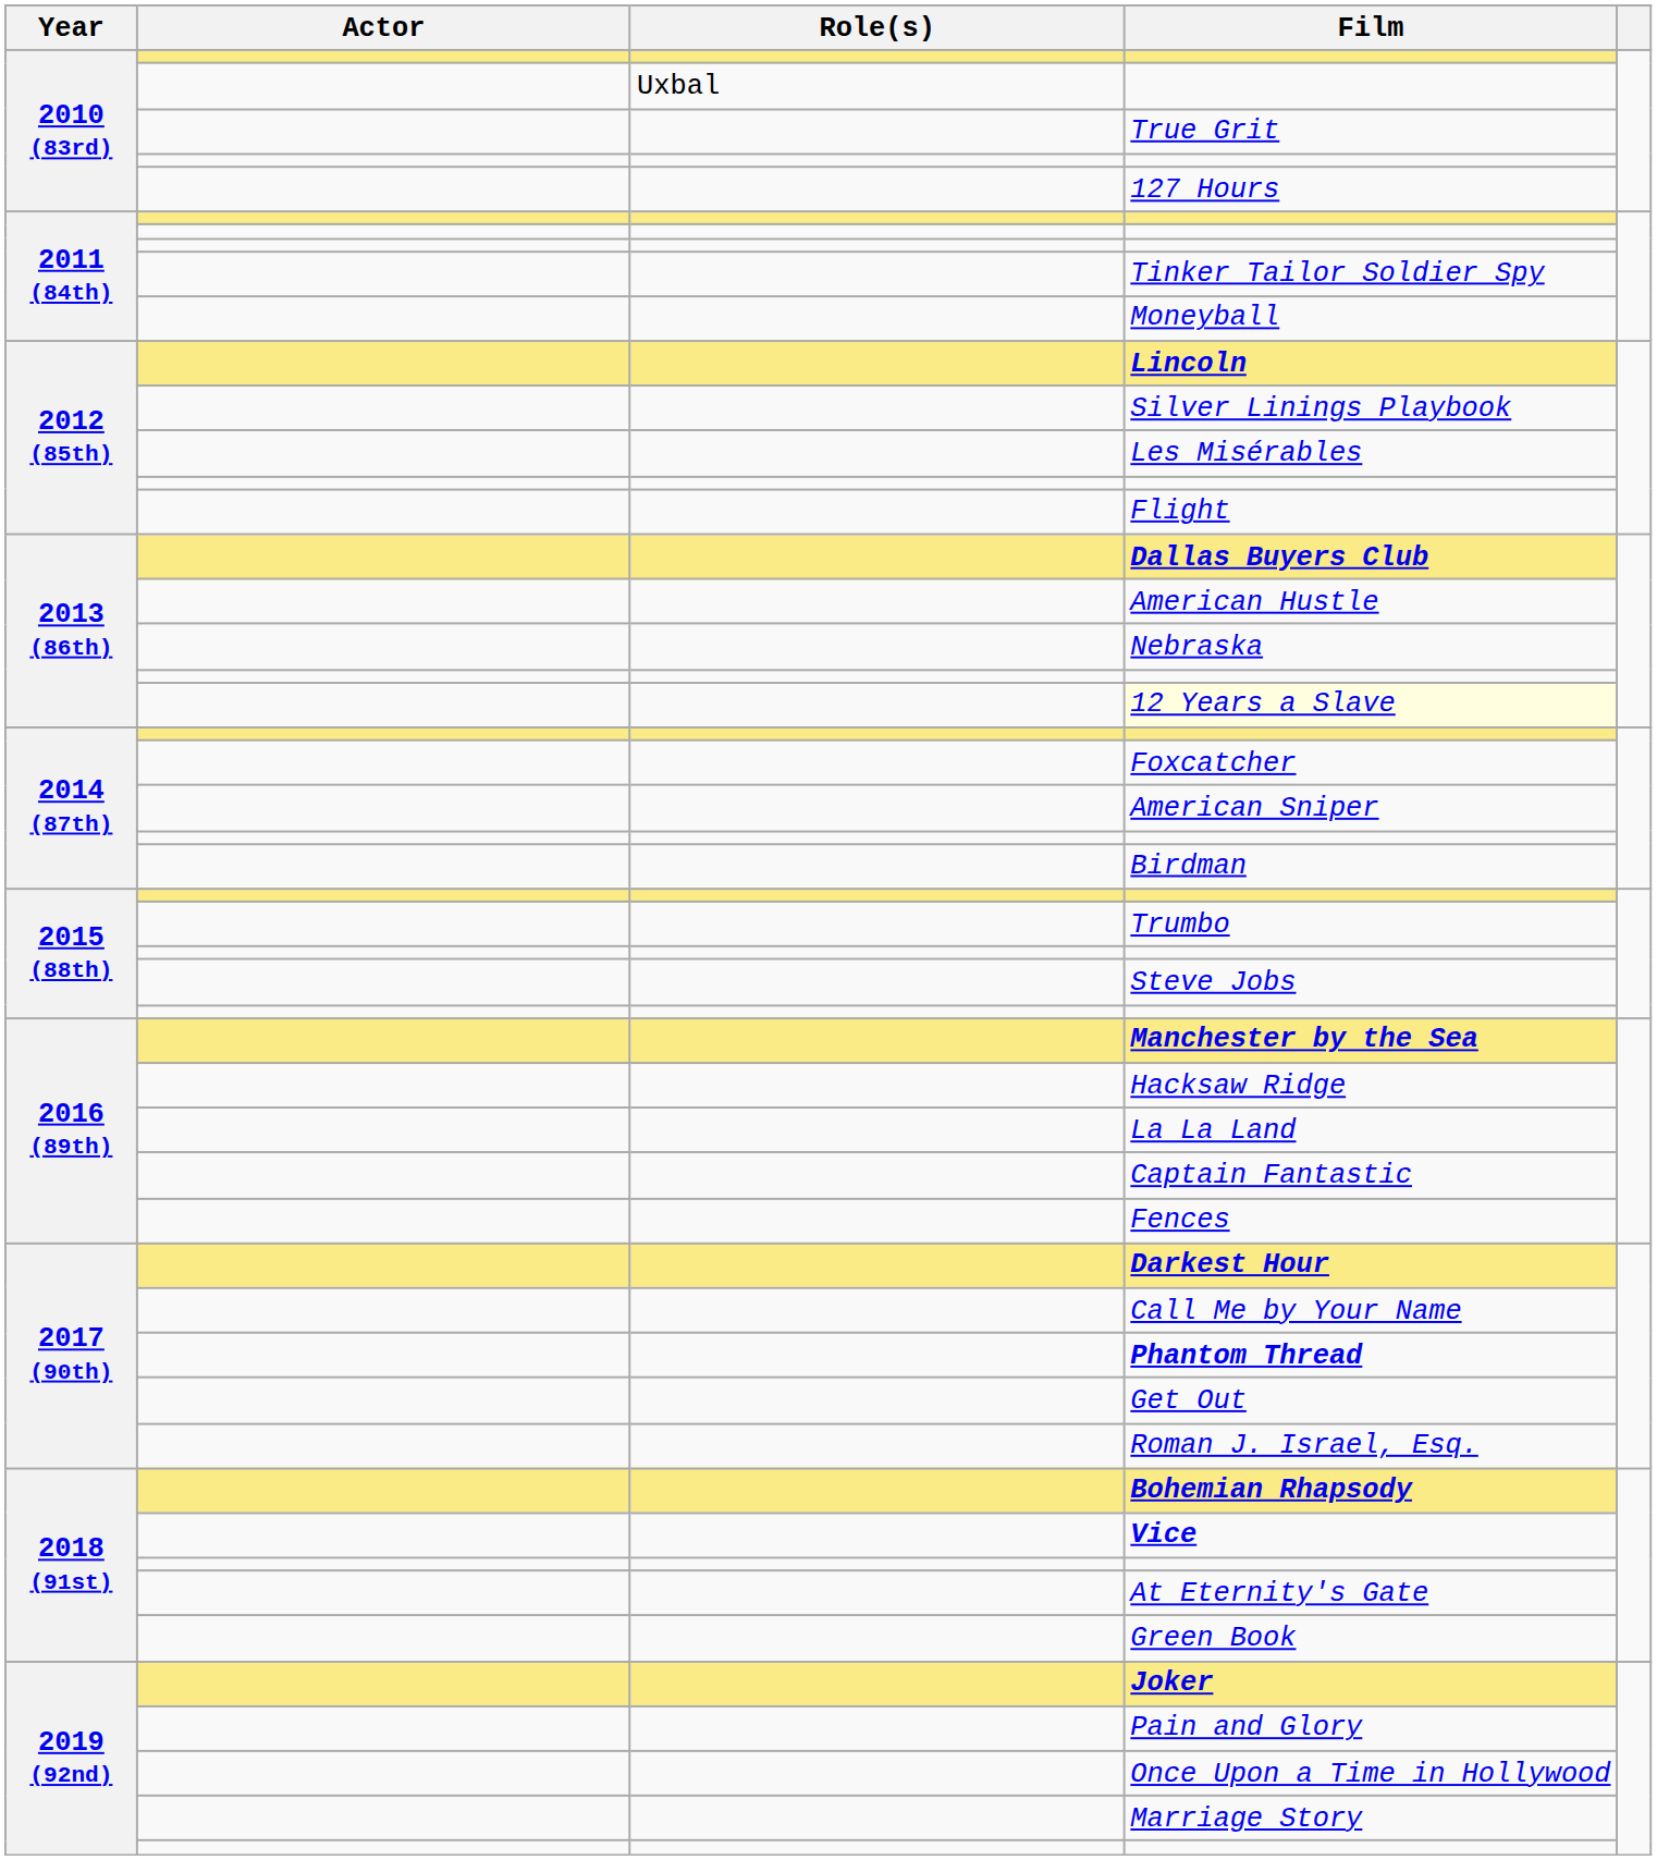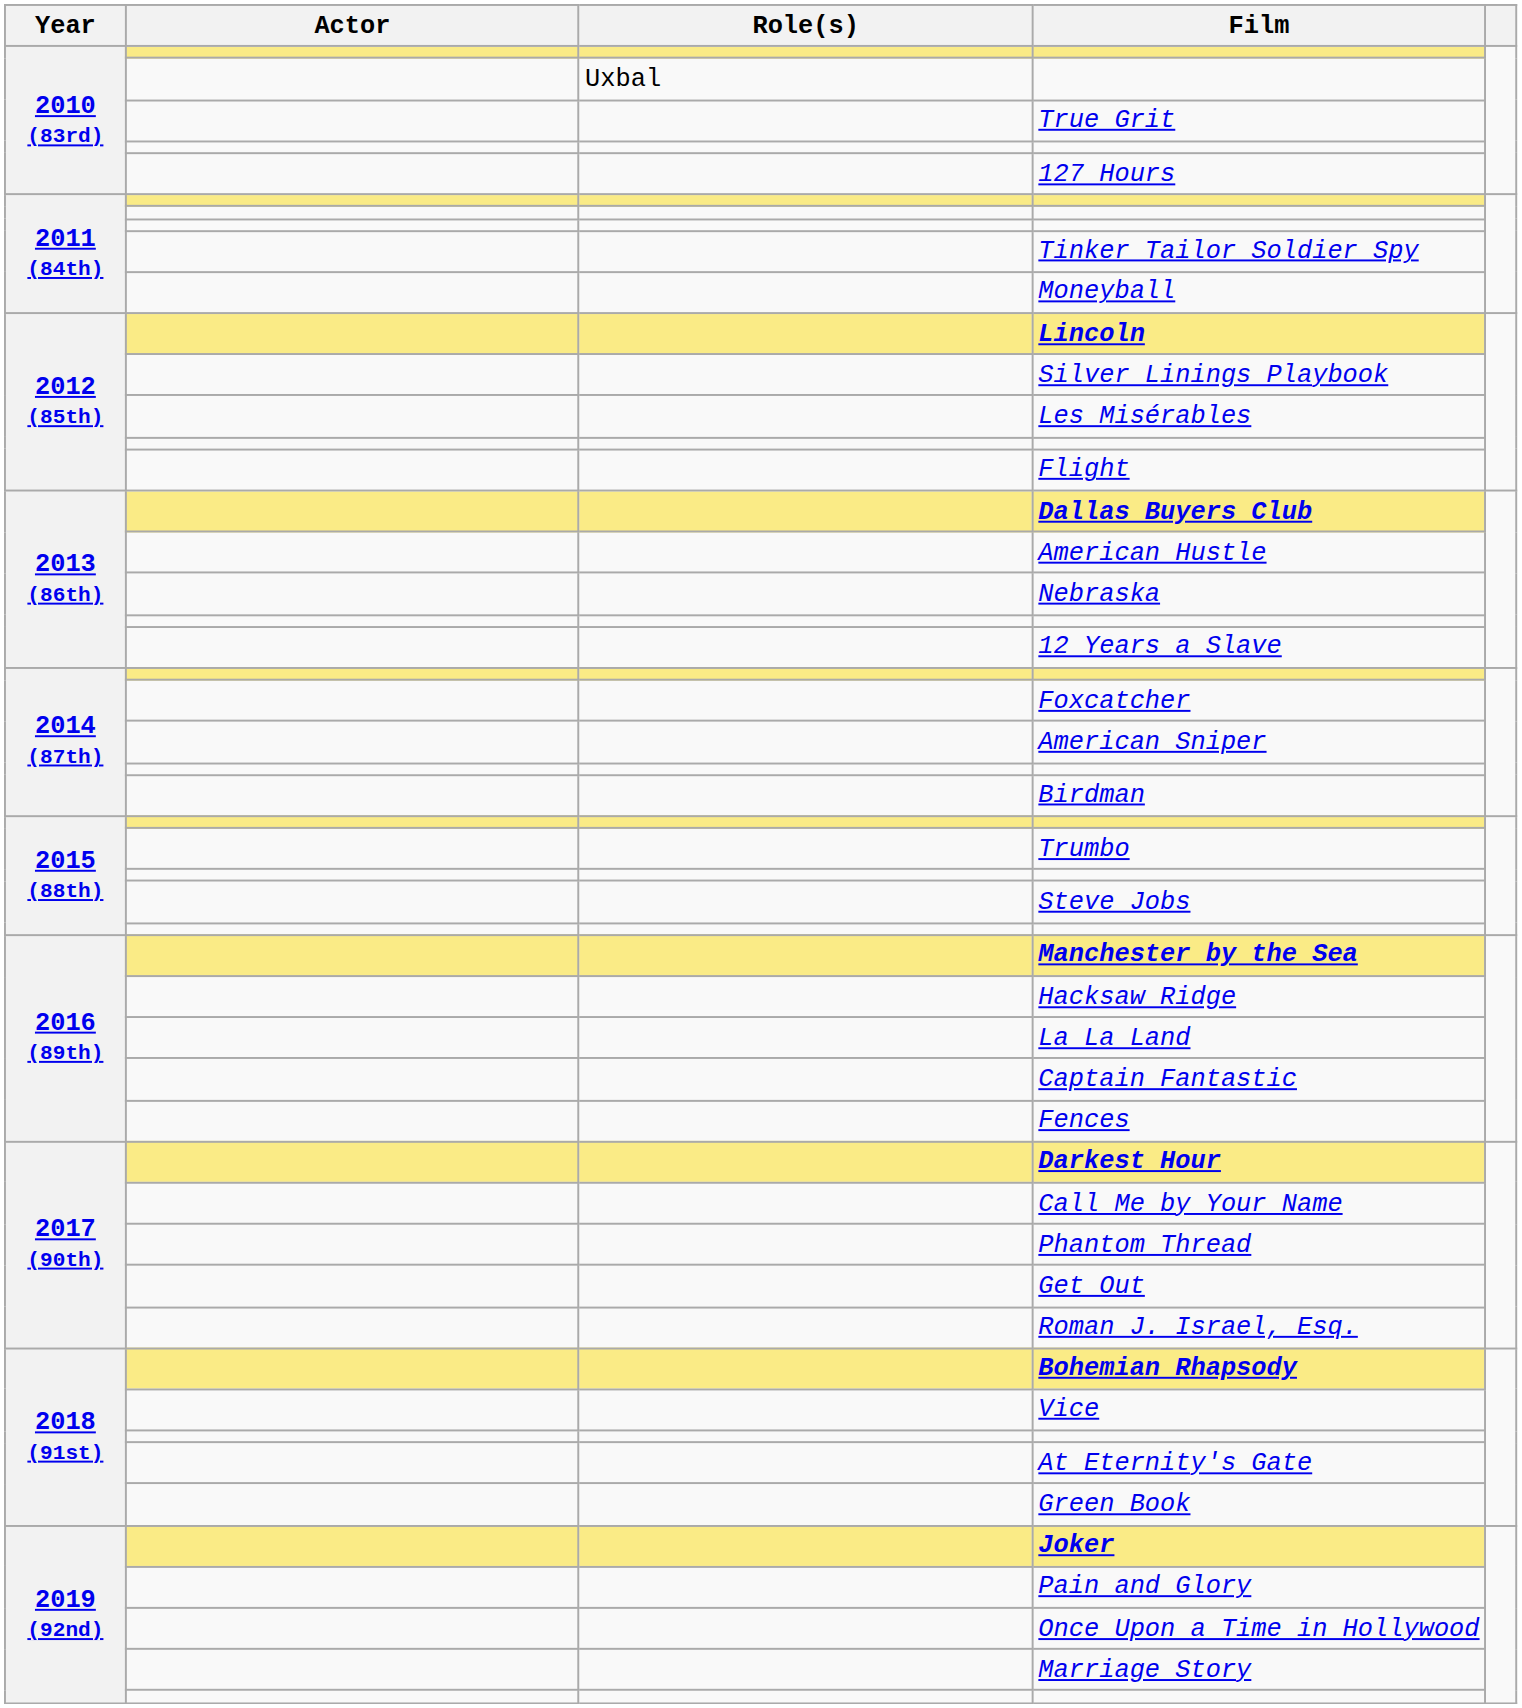 <table class="wikitable sortable">
 <tr>
 <th scope="col" style="width:8%;">Year</th>
 <th scope="col" style="width:30%;">Actor</th>
 <th scope="col" style="width:30%;">Role(s)</th>
 <th scope="col" style="width:30%;">Film</th>
 <th scope="col" style="width:2%;" class="unsortable"></th>
 </tr>
 <tr>
 <th scope="row" rowspan=5 style="text-align:center"><a href='#'>2010</a> <br><small><a href='#'>(83rd)</a> </small></th>
 <td style="background:#FAEB86;"><strong> </strong></td>
 <td style="background:#FAEB86;"><strong></strong></td>
 <td style="background:#FAEB86;"><strong></strong></td>
 <td rowspan=5></td>
 </tr>
 <tr>
 <td></td>
 <td>Uxbal</td>
 <td></td>
 </tr>
 <tr>
 <td></td>
 <td></td>
 <td><em><a href='#'>True Grit</a></em></td>
 </tr>
 <tr>
 <td></td>
 <td></td>
 <td></td>
 </tr>
 <tr>
 <td></td>
 <td></td>
 <td><em><a href='#'>127 Hours</a></em></td>
 </tr>
 <tr>
 <th scope="row" rowspan=5 style="text-align:center"><a href='#'>2011</a> <br><small><a href='#'>(84th)</a> </small></th>
 <td style="background:#FAEB86;"><strong> </strong></td>
 <td style="background:#FAEB86;"><strong></strong></td>
 <td style="background:#FAEB86;"><strong></strong></td>
 <td rowspan=5></td>
 </tr>
 <tr>
 <td></td>
 <td></td>
 <td></td>
 </tr>
 <tr>
 <td></td>
 <td></td>
 <td></td>
 </tr>
 <tr>
 <td></td>
 <td></td>
 <td><em><a href='#'>Tinker Tailor Soldier Spy</a></em></td>
 </tr>
 <tr>
 <td></td>
 <td></td>
 <td><em><a href='#'>Moneyball</a></em></td>
 </tr>
 <tr>
 <th scope="row" rowspan=5 style="text-align:center"><a href='#'>2012</a> <br><small><a href='#'>(85th)</a> </small></th>
 <td style="background:#FAEB86;"><strong> </strong></td>
 <td style="background:#FAEB86;"><strong></strong></td>
 <td style="background:#FAEB86;"><strong><em><a href='#'>Lincoln</a></em></strong></td>
 <td rowspan=5></td>
 </tr>
 <tr>
 <td></td>
 <td></td>
 <td><em><a href='#'>Silver Linings Playbook</a></em></td>
 </tr>
 <tr>
 <td></td>
 <td></td>
 <td><em><a href='#'>Les Misérables</a></em></td>
 </tr>
 <tr>
 <td></td>
 <td></td>
 <td></td>
 </tr>
 <tr>
 <td></td>
 <td></td>
 <td><em><a href='#'>Flight</a></em></td>
 </tr>
 <tr>
 <th scope="row" rowspan=5 style="text-align:center"><a href='#'>2013</a> <br><small><a href='#'>(86th)</a> </small></th>
 <td style="background:#FAEB86;"><strong> </strong></td>
 <td style="background:#FAEB86;"><strong></strong></td>
 <td style="background:#FAEB86;"><strong><em><a href='#'>Dallas Buyers Club</a></em></strong></td>
 <td rowspan=5></td>
 </tr>
 <tr>
 <td></td>
 <td></td>
 <td><em><a href='#'>American Hustle</a></em></td>
 </tr>
 <tr>
 <td></td>
 <td></td>
 <td><em><a href='#'>Nebraska</a></em></td>
 </tr>
 <tr>
 <td></td>
 <td></td>
 <td></td>
 </tr>
 <tr>
 <td></td>
 <td></td>
-<td style="background: lightyellow;"><em><a href='#'>12 Years a Slave</a></em></td>
+<td><em><a href='#'>12 Years a Slave</a></em></td>
 </tr>
 <tr>
 <th scope="row" rowspan=5 style="text-align:center"><a href='#'>2014</a> <br><small><a href='#'>(87th)</a> </small></th>
 <td style="background:#FAEB86;"><strong> </strong></td>
 <td style="background:#FAEB86;"><strong></strong></td>
 <td style="background:#FAEB86;"><strong></strong></td>
 <td rowspan=5></td>
 </tr>
 <tr>
 <td></td>
 <td></td>
 <td><em><a href='#'>Foxcatcher</a></em></td>
 </tr>
 <tr>
 <td></td>
 <td></td>
 <td><em><a href='#'>American Sniper</a></em></td>
 </tr>
 <tr>
 <td></td>
 <td></td>
 <td></td>
 </tr>
 <tr>
 <td></td>
 <td></td>
 <td><em><a href='#'>Birdman</a></em></td>
 </tr>
 <tr>
 <th scope="row" rowspan=5 style="text-align:center"><a href='#'>2015</a> <br><small><a href='#'>(88th)</a> </small></th>
 <td style="background:#FAEB86;"><strong> </strong></td>
 <td style="background:#FAEB86;"><strong></strong></td>
 <td style="background:#FAEB86;"></td>
 <td rowspan=5></td>
 </tr>
 <tr>
 <td></td>
 <td></td>
 <td><em><a href='#'>Trumbo</a></em></td>
 </tr>
 <tr>
 <td></td>
 <td></td>
 <td></td>
 </tr>
 <tr>
 <td></td>
 <td></td>
 <td><em><a href='#'>Steve Jobs</a></em></td>
 </tr>
 <tr>
 <td></td>
 <td></td>
 <td></td>
 </tr>
 <tr>
 <th scope="row" rowspan=5 style="text-align:center"><a href='#'>2016</a> <br><small><a href='#'>(89th)</a> </small></th>
 <td style="background:#FAEB86;"><strong> </strong></td>
 <td style="background:#FAEB86;"><strong></strong></td>
 <td style="background:#FAEB86;"><strong><em><a href='#'>Manchester by the Sea</a></em></strong></td>
 <td rowspan=5></td>
 </tr>
 <tr>
 <td></td>
 <td></td>
 <td><em><a href='#'>Hacksaw Ridge</a></em></td>
 </tr>
 <tr>
 <td></td>
 <td></td>
 <td><em><a href='#'>La La Land</a></em></td>
 </tr>
 <tr>
 <td></td>
 <td></td>
 <td><em><a href='#'>Captain Fantastic</a></em></td>
 </tr>
 <tr>
 <td></td>
 <td></td>
 <td><em><a href='#'>Fences</a></em></td>
 </tr>
 <tr>
 <th scope="row" rowspan=5 style="text-align:center"><a href='#'>2017</a> <br><small><a href='#'>(90th)</a> </small></th>
 <td style="background:#FAEB86;"><strong> </strong></td>
 <td style="background:#FAEB86;"><strong></strong></td>
 <td style="background:#FAEB86;"><strong><em><a href='#'>Darkest Hour</a></em></strong></td>
 <td rowspan=5></td>
 </tr>
 <tr>
 <td></td>
 <td></td>
 <td><em><a href='#'>Call Me by Your Name</a></em></td>
 </tr>
 <tr>
 <td></td>
 <td></td>
-<td><strong><em><a href='#'>Phantom Thread</a></em></strong></td>
+<td><em><a href='#'>Phantom Thread</a></em></td>
 </tr>
 <tr>
 <td></td>
 <td></td>
 <td><em><a href='#'>Get Out</a></em></td>
 </tr>
 <tr>
 <td></td>
 <td></td>
 <td><em><a href='#'>Roman J. Israel, Esq.</a></em></td>
 </tr>
 <tr>
 <th scope="row" rowspan=5 style="text-align:center"><a href='#'>2018</a> <br><small><a href='#'>(91st)</a> </small></th>
 <td style="background:#FAEB86;"><strong> </strong></td>
 <td style="background:#FAEB86;"><strong></strong></td>
 <td style="background:#FAEB86;"><strong><em><a href='#'>Bohemian Rhapsody</a></em></strong></td>
 <td rowspan=5></td>
 </tr>
 <tr>
 <td></td>
 <td></td>
-<td><strong><em><a href='#'>Vice</a></em></strong></td>
+<td><em><a href='#'>Vice</a></em></td>
 </tr>
 <tr>
 <td></td>
 <td></td>
 <td></td>
 </tr>
 <tr>
 <td></td>
 <td></td>
 <td><em><a href='#'>At Eternity's Gate</a></em></td>
 </tr>
 <tr>
 <td></td>
 <td></td>
 <td><em><a href='#'>Green Book</a></em></td>
 </tr>
 <tr>
 <th scope="row" rowspan=5 style="text-align:center"><a href='#'>2019</a> <br><small><a href='#'>(92nd)</a> </small></th>
 <td style="background:#FAEB86;"><strong> </strong></td>
 <td style="background:#FAEB86;"><strong></strong></td>
 <td style="background:#FAEB86;"><strong><em><a href='#'>Joker</a></em></strong></td>
 <td rowspan=5></td>
 </tr>
 <tr>
 <td></td>
 <td></td>
 <td><em><a href='#'>Pain and Glory</a></em></td>
 </tr>
 <tr>
 <td></td>
 <td></td>
 <td><em><a href='#'>Once Upon a Time in Hollywood</a></em></td>
 </tr>
 <tr>
 <td></td>
 <td></td>
 <td><em><a href='#'>Marriage Story</a></em></td>
 </tr>
 <tr>
 <td></td>
 <td></td>
 <td></td>
 </tr>
 </table>
